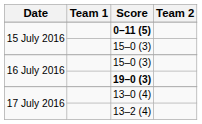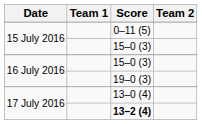 <table class="wikitable">
 <tr>
 <th>Date</th>
 <th>Team 1</th>
 <th>Score</th>
 <th>Team 2</th>
 </tr>
 <tr>
 </tr>
 <tr style=font-size:90%>
 <td rowspan=2>15 July 2016</td>
 <td></td>
-<td align="center"><strong>0–11 (5)</strong></td>
+<td align="center">0–11 (5)</td>
 <td></td>
 </tr>
 <tr style=font-size:90%>
 <td align=right></td>
 <td>15–0 (3)</td>
 <td></td>
 </tr>
 <tr>
 </tr>
 <tr style=font-size:90%>
 <td rowspan=2>16 July 2016</td>
 <td></td>
 <td>15–0 (3)</td>
 <td></td>
 </tr>
 <tr style=font-size:90%>
 <td></td>
-<td><strong>19–0 (3)</strong></td>
+<td>19–0 (3)</td>
 <td></td>
 </tr>
 <tr>
 </tr>
 <tr style=font-size:90%>
 <td rowspan=2>17 July 2016</td>
 <td></td>
 <td>13–0 (4)</td>
 <td></td>
 </tr>
 <tr style=font-size:90%>
 <td></td>
-<td>13–2 (4)</td>
+<td><strong>13–2 (4)</strong></td>
 <td></td>
 </tr>
 </table>
